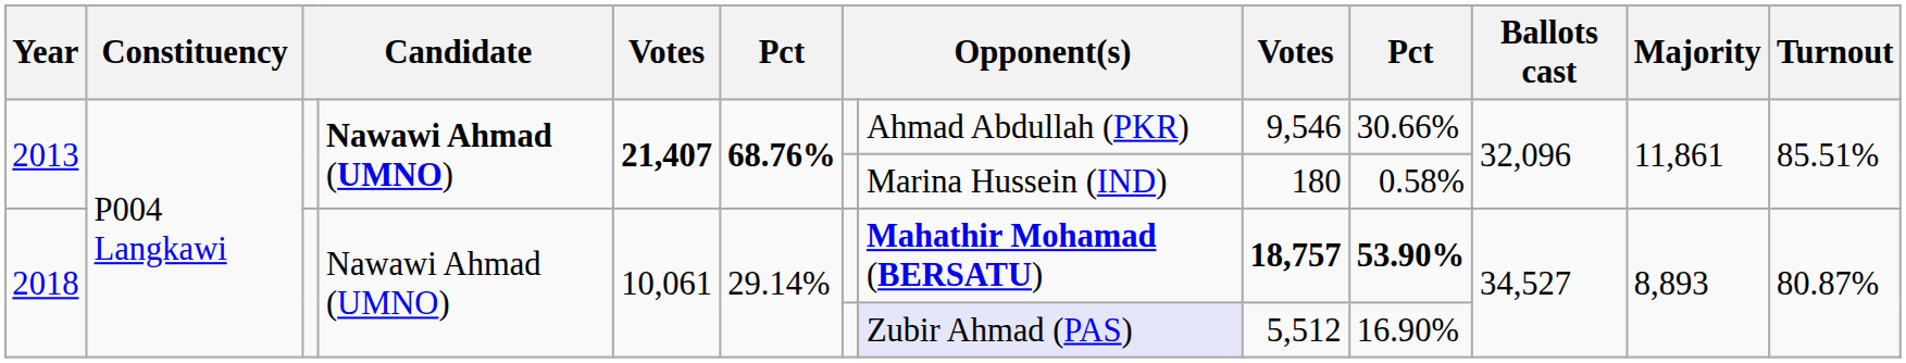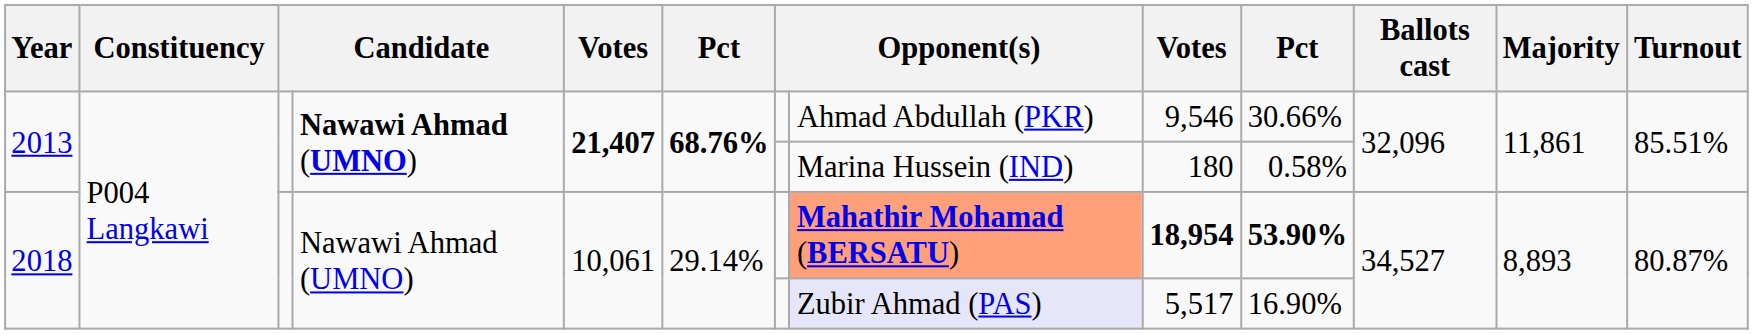 <table class="wikitable" style="margin:0.5em ; font-size:95%">
 <tr>
 <th>Year</th>
 <th>Constituency</th>
 <th colspan=2>Candidate</th>
 <th>Votes</th>
 <th>Pct</th>
 <th colspan=2>Opponent(s)</th>
 <th>Votes</th>
 <th>Pct</th>
 <th>Ballots cast</th>
 <th>Majority</th>
 <th>Turnout</th>
 </tr>
 <tr>
 <td rowspan=2><a href='#'>2013</a></td>
 <td rowspan=4>P004 <a href='#'>Langkawi</a></td>
 <td rowspan=2 ></td>
 <td rowspan=2><strong>Nawawi Ahmad</strong> (<a href='#'><strong>UMNO</strong></a>)</td>
 <td rowspan=2 align="right"><strong>21,407</strong></td>
 <td rowspan=2><strong>68.76%</strong></td>
 <td></td>
 <td>Ahmad Abdullah (<a href='#'>PKR</a>)</td>
 <td align="right">9,546</td>
 <td>30.66%</td>
 <td rowspan=2>32,096</td>
 <td rowspan=2>11,861</td>
 <td rowspan=2>85.51%</td>
 </tr>
 <tr>
 <td></td>
 <td>Marina Hussein (<a href='#'>IND</a>)</td>
 <td align="right">180</td>
 <td align="right">0.58%</td>
 </tr>
 <tr>
 <td rowspan=2><a href='#'>2018</a></td>
 <td rowspan=2 ></td>
 <td rowspan=2>Nawawi Ahmad (<a href='#'>UMNO</a>)</td>
 <td rowspan=2 align="right">10,061</td>
 <td rowspan=2>29.14%</td>
 <td></td>
-<td><strong><a href='#'>Mahathir Mohamad</a></strong> (<a href='#'><strong>BERSATU</strong></a>)</td>
-<td align="right"><strong>18,757</strong></td>
+<td style="background: lightsalmon;"><strong><a href='#'>Mahathir Mohamad</a></strong> (<a href='#'><strong>BERSATU</strong></a>)</td>
+<td align="right"><strong>18,954</strong></td>
 <td><strong>53.90%</strong></td>
 <td rowspan=2>34,527</td>
 <td rowspan=2>8,893</td>
 <td rowspan=2>80.87%</td>
 </tr>
 <tr>
 <td></td>
 <td style="background: lavender;">Zubir Ahmad (<a href='#'>PAS</a>)</td>
-<td align="right">5,512</td>
+<td align="right">5,517</td>
 <td>16.90%</td>
 </tr>
 </table>
